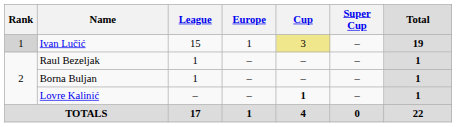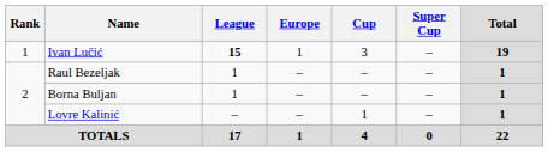 <table class="wikitable" style="font-size: 95%; text-align: center;">
 <tr>
 <th width=40>Rank</th>
 <th width=180>Name</th>
 <th width=70><a href='#'>League</a></th>
 <th width=70><a href='#'>Europe</a></th>
 <th width=70><a href='#'>Cup</a></th>
 <th width=70><a href='#'>Super Cup</a></th>
 <th width=90 style="background: #DCDCDC">Total</th>
 </tr>
 <tr>
-<td style="background: lightgrey;">1</td>
+<td>1</td>
 <td style="text-align:left;"> <a href='#'>Ivan Lučić</a></td>
-<td>15</td>
+<td><strong>15</strong></td>
 <td>1</td>
-<td style="background: khaki;">3</td>
+<td>3</td>
 <td>–</td>
 <th style="background: #DCDCDC">19</th>
 </tr>
 <tr>
 <td rowspan=3>2</td>
 <td style="text-align:left;"> Raul Bezeljak</td>
 <td>1</td>
 <td>–</td>
 <td>–</td>
 <td>–</td>
 <th style="background: #DCDCDC">1</th>
 </tr>
 <tr>
 <td style="text-align:left;"> Borna Buljan</td>
 <td>1</td>
 <td>–</td>
 <td>–</td>
 <td>–</td>
 <th style="background: #DCDCDC">1</th>
 </tr>
 <tr>
 <td style="text-align:left;"> <a href='#'>Lovre Kalinić</a></td>
 <td>–</td>
 <td>–</td>
-<td><strong>1</strong></td>
+<td>1</td>
 <td>–</td>
 <th style="background: #DCDCDC">1</th>
 </tr>
 <tr>
 <th colspan="2" align="center" style="background: #DCDCDC">TOTALS</th>
 <th style="background: #DCDCDC">17</th>
 <th style="background: #DCDCDC">1</th>
 <th style="background: #DCDCDC">4</th>
 <th style="background: #DCDCDC">0</th>
 <th style="background: #DCDCDC">22</th>
 </tr>
 </table>
